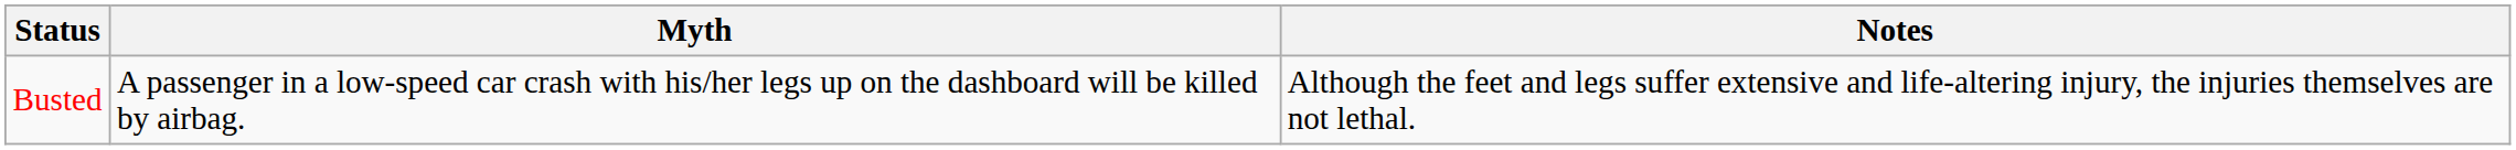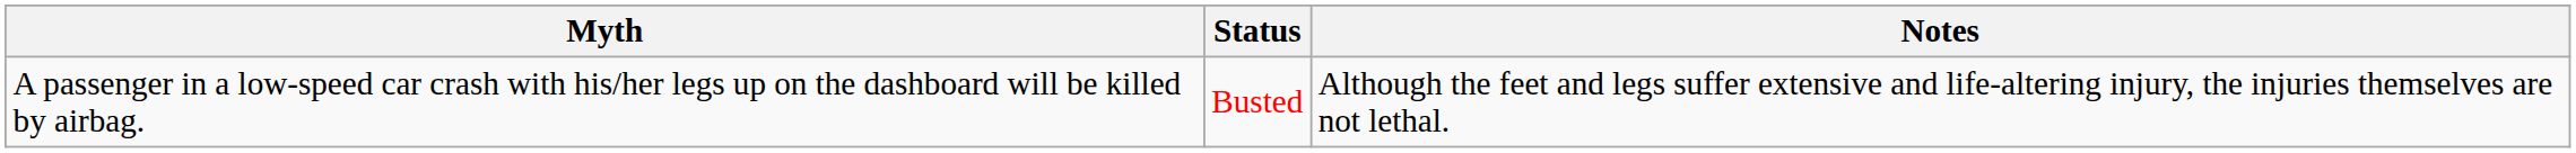 <table class="wikitable plainrowheaders">
 <tr>
+<th scope"col">Myth</th>
 <th scope"col">Status</th>
-<th scope"col">Myth</th>
 <th scope"col">Notes</th>
 </tr>
 <tr>
+<td scope"row">A passenger in a low-speed car crash with his/her legs up on the dashboard will be killed by airbag.</td>
 <td style="color:red">Busted</td>
-<td scope"row">A passenger in a low-speed car crash with his/her legs up on the dashboard will be killed by airbag.</td>
 <td>Although the feet and legs suffer extensive and life-altering injury, the injuries themselves are not lethal.</td>
 </tr>
 </table>
